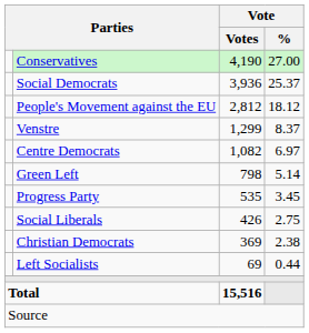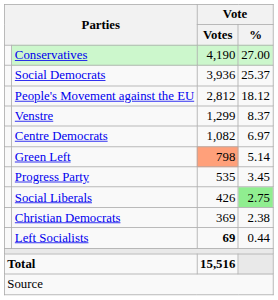 <table class="wikitable" style="text-align:right;">
 <tr>
 <th style="text-align:centre;" rowspan="2" colspan="2" width="225">Parties</th>
 <th colspan="3">Vote</th>
 </tr>
 <tr>
 <th width="15">Votes</th>
 <th width="15">%</th>
 </tr>
 <tr>
 <td width="2" style="color:inherit;background:"></td>
 <td bgcolor=#ccf7cc   align="left"><a href='#'>Conservatives</a></td>
 <td bgcolor=#ccf7cc>4,190</td>
 <td bgcolor=#ccf7cc>27.00</td>
 </tr>
 <tr>
 <td width="2" style="color:inherit;background:"></td>
 <td align="left"><a href='#'>Social Democrats</a></td>
 <td>3,936</td>
 <td>25.37</td>
 </tr>
 <tr>
 <td width="2" style="color:inherit;background:"></td>
 <td align="left"><a href='#'>People's Movement against the EU</a></td>
 <td>2,812</td>
 <td>18.12</td>
 </tr>
 <tr>
 <td width="2" style="color:inherit;background:"></td>
 <td align="left"><a href='#'>Venstre</a></td>
 <td>1,299</td>
 <td>8.37</td>
 </tr>
 <tr>
 <td width="2" style="color:inherit;background:"></td>
 <td align="left"><a href='#'>Centre Democrats</a></td>
 <td>1,082</td>
 <td>6.97</td>
 </tr>
 <tr>
 <td width="2" style="color:inherit;background:"></td>
 <td align="left"><a href='#'>Green Left</a></td>
-<td>798</td>
+<td style="background: lightsalmon;">798</td>
 <td>5.14</td>
 </tr>
 <tr>
 <td width="2" style="color:inherit;background:"></td>
 <td align="left"><a href='#'>Progress Party</a></td>
 <td>535</td>
 <td>3.45</td>
 </tr>
 <tr>
 <td width="2" style="color:inherit;background:"></td>
 <td align="left"><a href='#'>Social Liberals</a></td>
 <td>426</td>
-<td>2.75</td>
+<td style="background: lightgreen;">2.75</td>
 </tr>
 <tr>
 <td width="2" style="color:inherit;background:"></td>
 <td align="left"><a href='#'>Christian Democrats</a></td>
 <td>369</td>
 <td>2.38</td>
 </tr>
 <tr>
 <td width="2" style="color:inherit;background:"></td>
 <td align="left"><a href='#'>Left Socialists</a></td>
-<td>69</td>
+<td><strong>69</strong></td>
 <td>0.44</td>
 </tr>
 <tr>
 <td colspan="7" bgcolor="#E9E9E9"></td>
 </tr>
 <tr>
 <td align="left" colspan="2"><strong>Total</strong></td>
 <td><strong>15,516</strong></td>
 <td bgcolor="#E9E9E9" colspan="2"></td>
 </tr>
 <tr>
 <td align="left" colspan="6">Source</td>
 </tr>
 </table>
